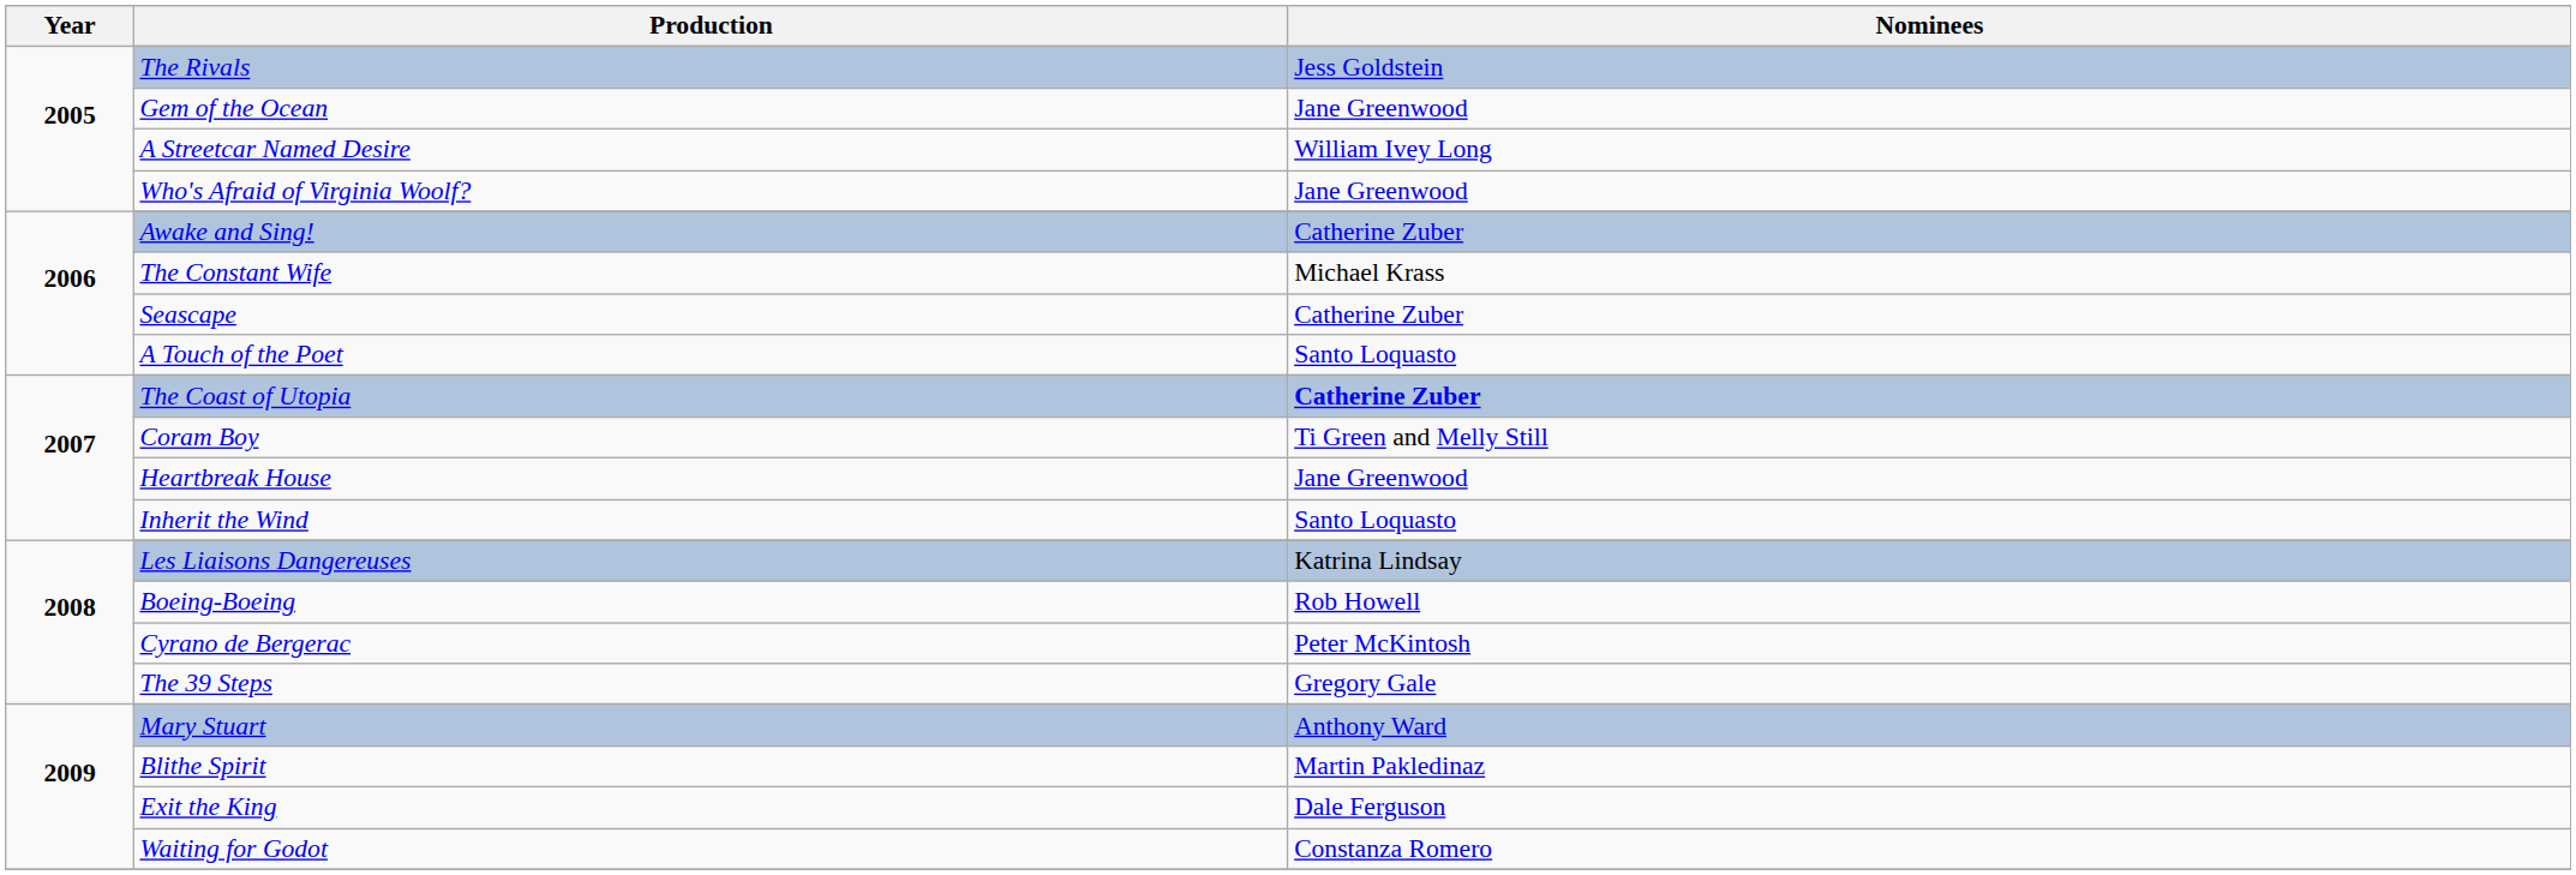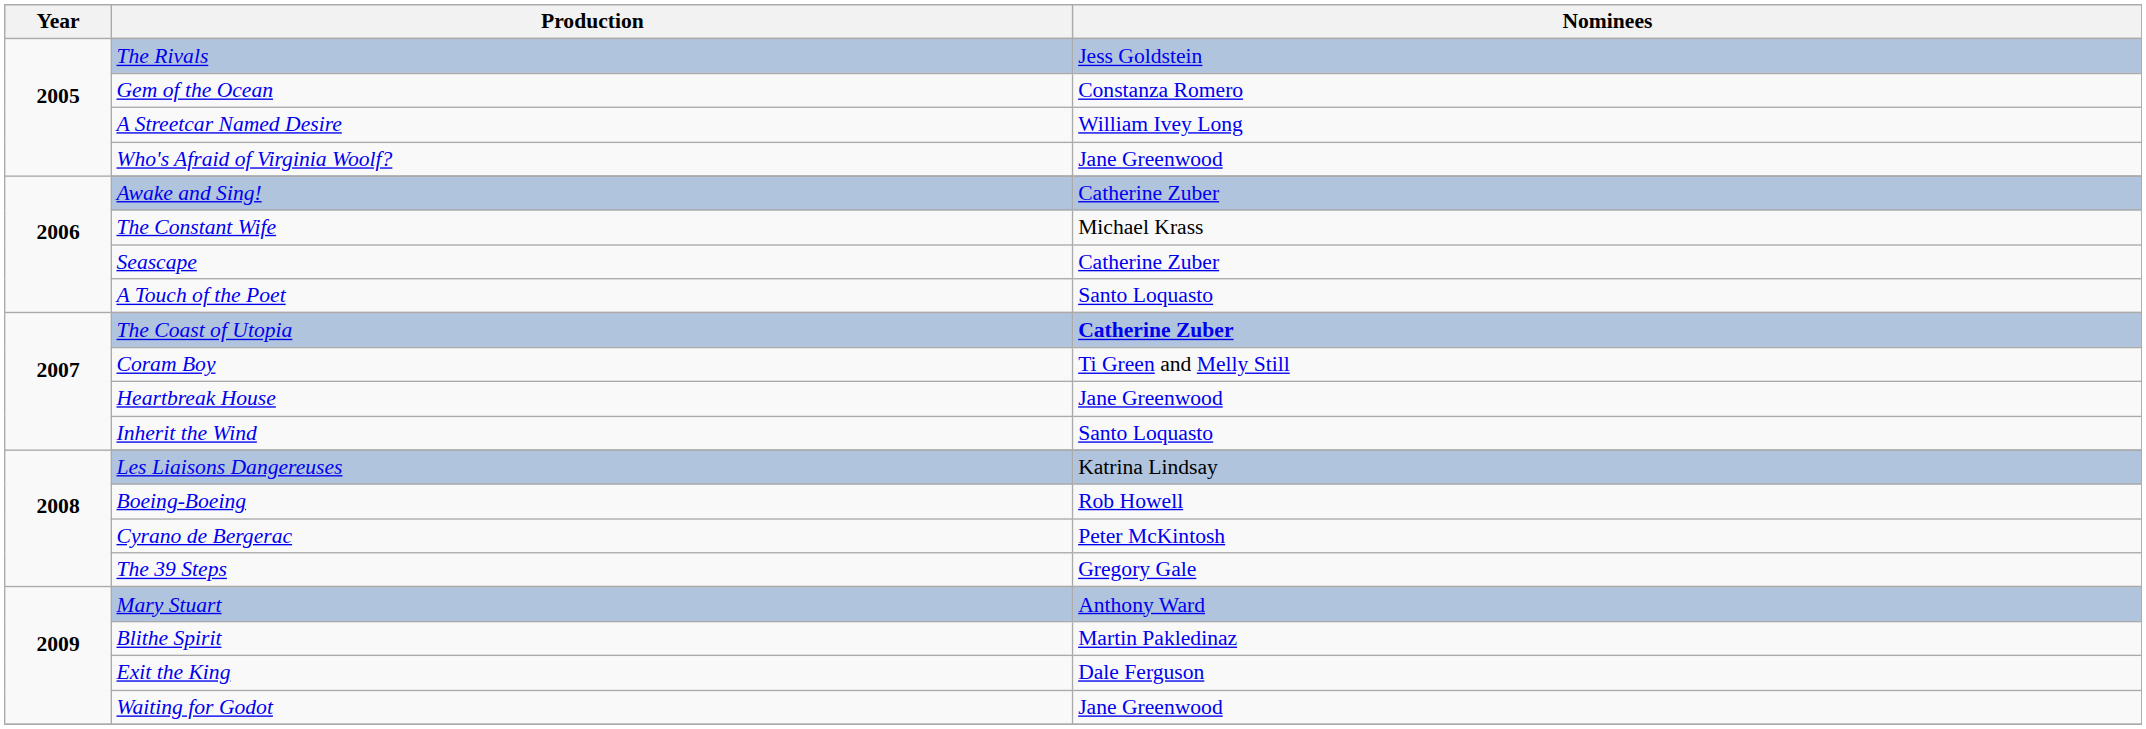 <table class="wikitable" style="width:100%;">
 <tr style="background:#bebebe;">
 <th style="width:5%;">Year</th>
 <th style="width:45%;”">Production</th>
 <th style="width:50%;”">Nominees</th>
 </tr>
 <tr>
 <td rowspan="5" align="center"><strong>2005</strong><br><br></td>
 </tr>
 <tr style="background:#B0C4DE">
 <td><em><a href='#'>The Rivals</a></em></td>
 <td><a href='#'>Jess Goldstein</a></td>
 </tr>
 <tr>
 <td><em><a href='#'>Gem of the Ocean</a></em></td>
-<td><a href='#'>Jane Greenwood</a></td>
+<td><a href='#'>Constanza Romero</a></td>
 </tr>
 <tr>
 <td><em><a href='#'>A Streetcar Named Desire</a></em></td>
 <td><a href='#'>William Ivey Long</a></td>
 </tr>
 <tr>
 <td><em><a href='#'>Who's Afraid of Virginia Woolf?</a></em></td>
 <td><a href='#'>Jane Greenwood</a></td>
 </tr>
 <tr>
 <td rowspan="5" align="center"><strong>2006</strong><br><br></td>
 </tr>
 <tr style="background:#B0C4DE">
 <td><em><a href='#'>Awake and Sing!</a></em></td>
 <td><a href='#'>Catherine Zuber</a></td>
 </tr>
 <tr>
 <td><em><a href='#'>The Constant Wife</a></em></td>
 <td>Michael Krass</td>
 </tr>
 <tr>
 <td><em><a href='#'>Seascape</a></em></td>
 <td><a href='#'>Catherine Zuber</a></td>
 </tr>
 <tr>
 <td><em><a href='#'>A Touch of the Poet</a></em></td>
 <td><a href='#'>Santo Loquasto</a></td>
 </tr>
 <tr>
 <td rowspan="5" align="center"><strong>2007</strong><br><br></td>
 </tr>
 <tr style="background:#B0C4DE">
 <td><em><a href='#'>The Coast of Utopia</a></em></td>
 <td><strong><a href='#'>Catherine Zuber</a></strong></td>
 </tr>
 <tr>
 <td><em><a href='#'>Coram Boy</a></em></td>
 <td><a href='#'>Ti Green</a> and <a href='#'>Melly Still</a></td>
 </tr>
 <tr>
 <td><em><a href='#'>Heartbreak House</a></em></td>
 <td><a href='#'>Jane Greenwood</a></td>
 </tr>
 <tr>
 <td><em><a href='#'>Inherit the Wind</a></em></td>
 <td><a href='#'>Santo Loquasto</a></td>
 </tr>
 <tr>
 <td rowspan="5" align="center"><strong>2008</strong><br><br></td>
 </tr>
 <tr style="background:#B0C4DE">
 <td><em><a href='#'>Les Liaisons Dangereuses</a></em></td>
 <td>Katrina Lindsay</td>
 </tr>
 <tr>
 <td><em><a href='#'>Boeing-Boeing</a></em></td>
 <td><a href='#'>Rob Howell</a></td>
 </tr>
 <tr>
 <td><em><a href='#'>Cyrano de Bergerac</a></em></td>
 <td><a href='#'>Peter McKintosh</a></td>
 </tr>
 <tr>
 <td><em><a href='#'>The 39 Steps</a></em></td>
 <td><a href='#'>Gregory Gale</a></td>
 </tr>
 <tr>
 <td rowspan="5" align="center"><strong>2009</strong><br><br></td>
 </tr>
 <tr style="background:#B0C4DE">
 <td><em><a href='#'>Mary Stuart</a></em></td>
 <td><a href='#'>Anthony Ward</a></td>
 </tr>
 <tr>
 <td><em><a href='#'>Blithe Spirit</a></em></td>
 <td><a href='#'>Martin Pakledinaz</a></td>
 </tr>
 <tr>
 <td><em><a href='#'>Exit the King</a></em></td>
 <td><a href='#'>Dale Ferguson</a></td>
 </tr>
 <tr>
 <td><em><a href='#'>Waiting for Godot</a></em></td>
-<td><a href='#'>Constanza Romero</a></td>
+<td><a href='#'>Jane Greenwood</a></td>
 </tr>
 <tr>
 </tr>
 </table>
